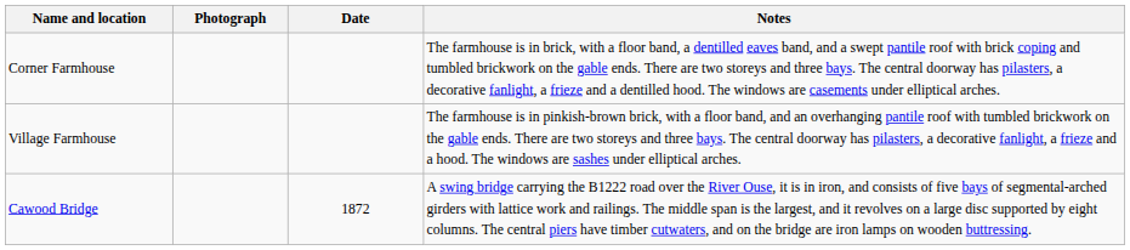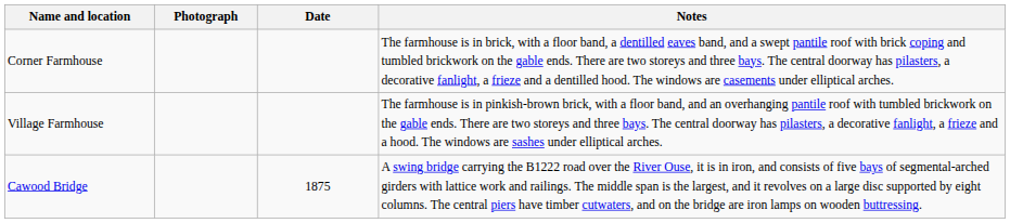 <table class="wikitable sortable plainrowheaders" style="width:100%;border:0px;text-align:left;line-height:150%;">
 <tr>
 <th scope="col"  style="width:150px">Name and location</th>
 <th scope="col"  style="width:100px" class="unsortable">Photograph</th>
 <th scope="col"  style="width:120px">Date</th>
 <th scope="col"  style="width:650px" class="unsortable">Notes</th>
 </tr>
 <tr>
 <td>Corner Farmhouse<br><small></small></td>
 <td></td>
 <td align="center"></td>
 <td>The farmhouse is in brick, with a floor band, a <a href='#'>dentilled</a> <a href='#'>eaves</a> band, and a swept <a href='#'>pantile</a> roof with brick <a href='#'>coping</a> and tumbled brickwork on the <a href='#'>gable</a> ends. There are two storeys and three <a href='#'>bays</a>. The central doorway has <a href='#'>pilasters</a>, a decorative <a href='#'>fanlight</a>, a <a href='#'>frieze</a> and a dentilled hood. The windows are <a href='#'>casements</a> under elliptical arches.</td>
 </tr>
 <tr>
 <td>Village Farmhouse<br><small></small></td>
 <td></td>
 <td align="center"></td>
 <td>The farmhouse is in pinkish-brown brick, with a floor band, and an overhanging <a href='#'>pantile</a> roof with tumbled brickwork on the <a href='#'>gable</a> ends. There are two storeys and three <a href='#'>bays</a>. The central doorway has <a href='#'>pilasters</a>, a decorative <a href='#'>fanlight</a>, a <a href='#'>frieze</a> and a hood. The windows are <a href='#'>sashes</a> under elliptical arches.</td>
 </tr>
 <tr>
 <td><a href='#'>Cawood Bridge</a><br><small></small></td>
 <td></td>
-<td align="center">1872</td>
+<td align="center">1875</td>
 <td>A <a href='#'>swing bridge</a> carrying the B1222 road over the <a href='#'>River Ouse</a>, it is in iron, and consists of five <a href='#'>bays</a> of segmental-arched girders with lattice work and railings.  The middle span is the largest, and it revolves on a large disc supported by eight columns.  The central <a href='#'>piers</a> have timber <a href='#'>cutwaters</a>, and on the bridge are iron lamps on wooden <a href='#'>buttressing</a>.</td>
 </tr>
 <tr>
 </tr>
 </table>
